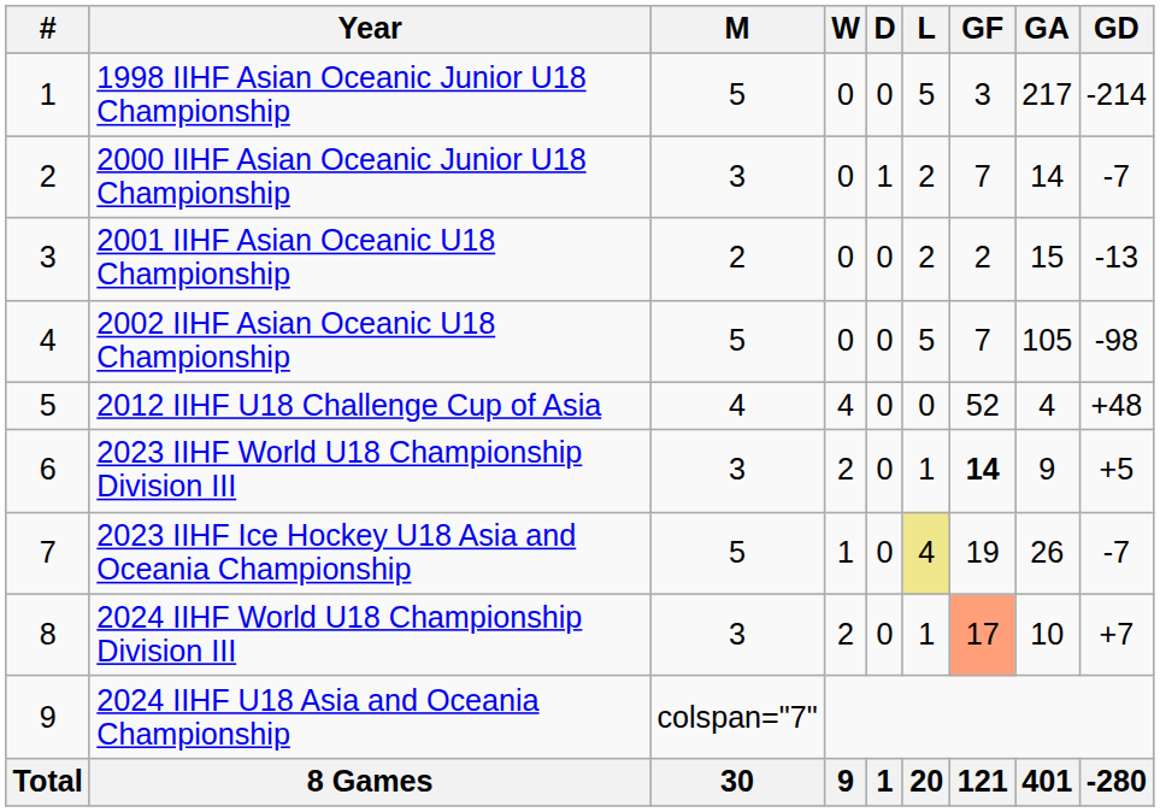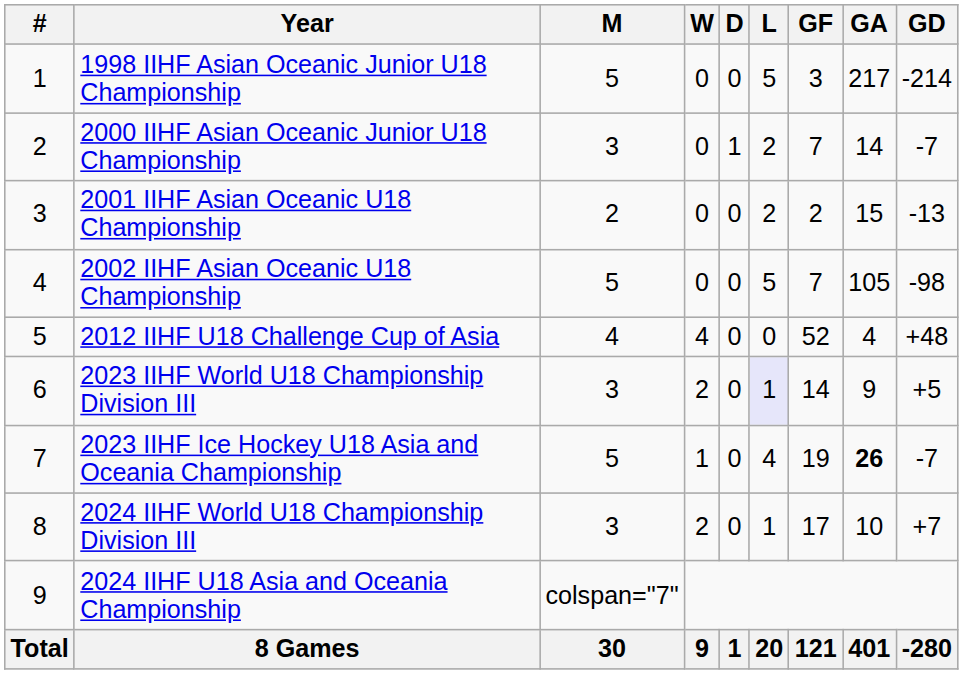 <table class="wikitable sortable" style="text-align:center">
 <tr>
 <th>#</th>
 <th>Year</th>
 <th>M</th>
 <th>W</th>
 <th>D</th>
 <th>L</th>
 <th>GF</th>
 <th>GA</th>
 <th>GD</th>
 </tr>
 <tr>
 <td>1</td>
 <td align=left><a href='#'>1998 IIHF Asian Oceanic Junior U18 Championship</a></td>
 <td>5</td>
 <td>0</td>
 <td>0</td>
 <td>5</td>
 <td>3</td>
 <td>217</td>
 <td>-214</td>
 </tr>
 <tr>
 <td>2</td>
 <td align=left><a href='#'>2000 IIHF Asian Oceanic Junior U18 Championship</a></td>
 <td>3</td>
 <td>0</td>
 <td>1</td>
 <td>2</td>
 <td>7</td>
 <td>14</td>
 <td>-7</td>
 </tr>
 <tr>
 <td>3</td>
 <td align=left><a href='#'>2001 IIHF Asian Oceanic U18 Championship</a></td>
 <td>2</td>
 <td>0</td>
 <td>0</td>
 <td>2</td>
 <td>2</td>
 <td>15</td>
 <td>-13</td>
 </tr>
 <tr>
 <td>4</td>
 <td align=left><a href='#'>2002 IIHF Asian Oceanic U18 Championship</a></td>
 <td>5</td>
 <td>0</td>
 <td>0</td>
 <td>5</td>
 <td>7</td>
 <td>105</td>
 <td>-98</td>
 </tr>
 <tr>
 <td>5</td>
 <td align=left><a href='#'>2012 IIHF U18 Challenge Cup of Asia</a></td>
 <td>4</td>
 <td>4</td>
 <td>0</td>
 <td>0</td>
 <td>52</td>
 <td>4</td>
 <td>+48</td>
 </tr>
 <tr>
 <td>6</td>
 <td align=left><a href='#'>2023 IIHF World U18 Championship Division III</a></td>
 <td>3</td>
 <td>2</td>
 <td>0</td>
-<td>1</td>
-<td><strong>14</strong></td>
+<td style="background: lavender;">1</td>
+<td>14</td>
 <td>9</td>
 <td>+5</td>
 </tr>
 <tr>
 <td>7</td>
 <td align=left><a href='#'>2023 IIHF Ice Hockey U18 Asia and Oceania Championship</a></td>
 <td>5</td>
 <td>1</td>
 <td>0</td>
-<td style="background: khaki;">4</td>
+<td>4</td>
 <td>19</td>
-<td>26</td>
+<td><strong>26</strong></td>
 <td>-7</td>
 </tr>
 <tr>
 <td>8</td>
 <td align=left><a href='#'>2024 IIHF World U18 Championship Division III</a></td>
 <td>3</td>
 <td>2</td>
 <td>0</td>
 <td>1</td>
-<td style="background: lightsalmon;">17</td>
+<td>17</td>
 <td>10</td>
 <td>+7</td>
 </tr>
 <tr>
 <td>9</td>
 <td align=left><a href='#'>2024 IIHF U18 Asia and Oceania Championship</a></td>
 <td>colspan="7" </td>
 </tr>
 <tr>
 <th>Total</th>
 <th>8 Games</th>
 <th>30</th>
 <th>9</th>
 <th>1</th>
 <th>20</th>
 <th>121</th>
 <th>401</th>
 <th>-280</th>
 </tr>
 </table>
